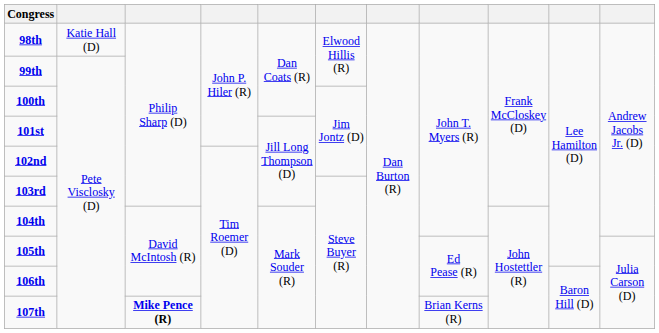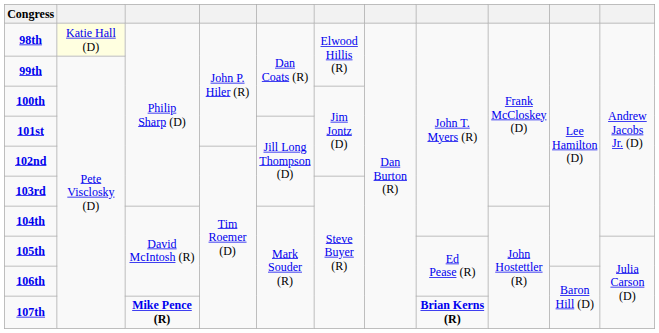 <table class="wikitable" style="text-align:center;">
 <tr>
 <th>Congress</th>
 <th></th>
 <th></th>
 <th></th>
 <th></th>
 <th></th>
 <th></th>
 <th></th>
 <th></th>
 <th></th>
 <th></th>
 </tr>
 <tr style="height:2.5em">
 <td><strong><a href='#'>98th</a></strong> </td>
-<td><a href='#'>Katie Hall</a> (D)</td>
+<td style="background: lightyellow;"><a href='#'>Katie Hall</a> (D)</td>
 <td rowspan=6 ><a href='#'>Philip<br>Sharp</a> (D)</td>
 <td rowspan="4" ><a href='#'>John P.<br>Hiler</a> (R)</td>
 <td rowspan="3" ><a href='#'>Dan<br>Coats</a> (R)</td>
 <td rowspan="2" ><a href='#'>Elwood<br>Hillis</a> (R)</td>
 <td rowspan=10 ><a href='#'>Dan<br>Burton</a> (R)</td>
 <td rowspan="7" ><a href='#'>John T.<br>Myers</a> (R)</td>
 <td rowspan=6 ><a href='#'>Frank<br>McCloskey</a><br>(D)</td>
 <td rowspan="8" ><a href='#'>Lee<br>Hamilton</a><br>(D)</td>
 <td rowspan=7 ><a href='#'>Andrew<br>Jacobs<br>Jr.</a> (D)</td>
 </tr>
 <tr style="height:2.5em">
 <td><strong><a href='#'>99th</a></strong> </td>
 <td rowspan="9" ><a href='#'>Pete<br>Visclosky</a><br>(D)</td>
 </tr>
 <tr style="height:2.5em">
 <td><strong><a href='#'>100th</a></strong> </td>
 <td rowspan=3 ><a href='#'>Jim<br>Jontz</a> (D)</td>
 </tr>
 <tr style="height:2.5em">
 <td><strong><a href='#'>101st</a></strong> </td>
 <td rowspan=3 ><a href='#'>Jill Long<br>Thompson</a><br>(D)</td>
 </tr>
 <tr style="height:2.5em">
 <td><strong><a href='#'>102nd</a></strong> </td>
 <td rowspan=6 ><a href='#'>Tim<br>Roemer</a> (D)</td>
 </tr>
 <tr style="height:2.5em">
 <td><strong><a href='#'>103rd</a></strong> </td>
 <td rowspan=5 ><a href='#'>Steve<br>Buyer</a> (R)</td>
 </tr>
 <tr style="height:2.5em">
 <td><strong><a href='#'>104th</a></strong> </td>
 <td rowspan=3 ><a href='#'>David<br>McIntosh</a> (R)</td>
 <td rowspan=4 ><a href='#'>Mark<br>Souder</a> (R)</td>
 <td rowspan="4" ><a href='#'>John<br>Hostettler</a><br>(R)</td>
 </tr>
 <tr style="height:2.5em">
 <td><strong><a href='#'>105th</a></strong> </td>
 <td rowspan=2 ><a href='#'>Ed<br>Pease</a> (R)</td>
 <td rowspan=3 ><a href='#'>Julia<br>Carson</a> (D)</td>
 </tr>
 <tr style="height:2.5em">
 <td><strong><a href='#'>106th</a></strong> </td>
 <td rowspan="2" ><a href='#'>Baron<br>Hill</a> (D)</td>
 </tr>
 <tr style="height:2.5em">
 <td><strong><a href='#'>107th</a></strong> </td>
 <td><strong><a href='#'>Mike Pence</a> (R)</strong></td>
-<td><a href='#'>Brian Kerns</a> (R)</td>
+<td><strong><a href='#'>Brian Kerns</a> (R)</strong></td>
 </tr>
 </table>
